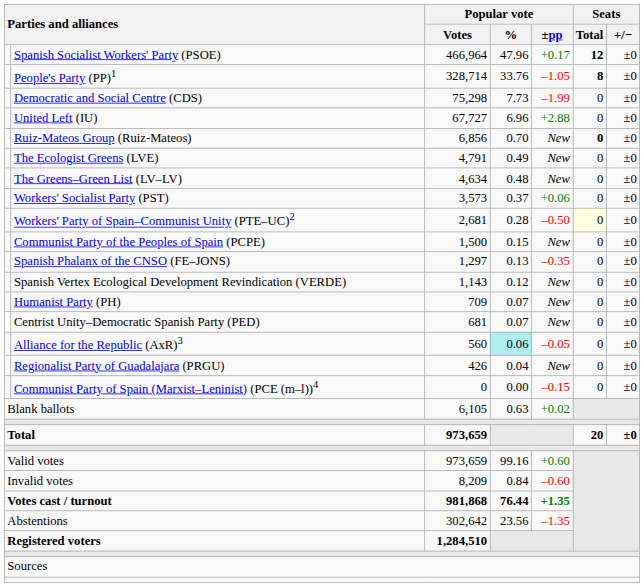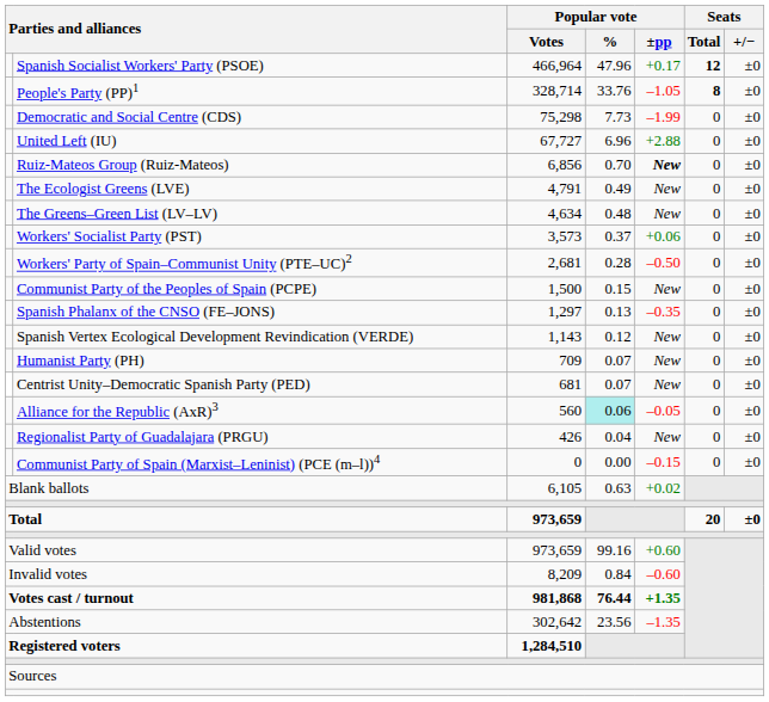 <table class="wikitable" style="text-align:right;">
 <tr>
 <th style="text-align:left;" rowspan="2" colspan="2" width="525">Parties and alliances</th>
 <th colspan="3">Popular vote</th>
 <th colspan="2">Seats</th>
 </tr>
 <tr>
 <th width="75">Votes</th>
 <th width="45">%</th>
 <th width="45">±<a href='#'>pp</a></th>
 <th width="35">Total</th>
 <th width="35">+/−</th>
 </tr>
 <tr>
 <td width="1" style="color:inherit;background:"></td>
 <td align="left"><a href='#'>Spanish Socialist Workers' Party</a> (PSOE)</td>
 <td>466,964</td>
 <td>47.96</td>
 <td style="color:green;">+0.17</td>
 <td><strong>12</strong></td>
 <td>±0</td>
 </tr>
 <tr>
 <td style="color:inherit;background:"></td>
 <td align="left"><a href='#'>People's Party</a> (PP)<sup>1</sup></td>
 <td>328,714</td>
 <td>33.76</td>
 <td style="color:red;">–1.05</td>
 <td><strong>8</strong></td>
 <td>±0</td>
 </tr>
 <tr>
 <td style="color:inherit;background:"></td>
 <td align="left"><a href='#'>Democratic and Social Centre</a> (CDS)</td>
 <td>75,298</td>
 <td>7.73</td>
 <td style="color:red;">–1.99</td>
 <td>0</td>
 <td>±0</td>
 </tr>
 <tr>
 <td style="color:inherit;background:"></td>
 <td align="left"><a href='#'>United Left</a> (IU)</td>
 <td>67,727</td>
 <td>6.96</td>
 <td style="color:green;">+2.88</td>
 <td>0</td>
 <td>±0</td>
 </tr>
 <tr>
 <td style="color:inherit;background:"></td>
 <td align="left"><a href='#'>Ruiz-Mateos Group</a> (Ruiz-Mateos)</td>
 <td>6,856</td>
 <td>0.70</td>
-<td><em>New</em></td>
-<td><strong>0</strong></td>
+<td><strong><em>New</em></strong></td>
+<td>0</td>
 <td>±0</td>
 </tr>
 <tr>
 <td style="color:inherit;background:"></td>
 <td align="left"><a href='#'>The Ecologist Greens</a> (LVE)</td>
 <td>4,791</td>
 <td>0.49</td>
 <td><em>New</em></td>
 <td>0</td>
 <td>±0</td>
 </tr>
 <tr>
 <td style="color:inherit;background:"></td>
 <td align="left"><a href='#'>The Greens–Green List</a> (LV–LV)</td>
 <td>4,634</td>
 <td>0.48</td>
 <td><em>New</em></td>
 <td>0</td>
 <td>±0</td>
 </tr>
 <tr>
 <td style="color:inherit;background:"></td>
 <td align="left"><a href='#'>Workers' Socialist Party</a> (PST)</td>
 <td>3,573</td>
 <td>0.37</td>
 <td style="color:green;">+0.06</td>
 <td>0</td>
 <td>±0</td>
 </tr>
 <tr>
 <td style="color:inherit;background:"></td>
 <td align="left"><a href='#'>Workers' Party of Spain–Communist Unity</a> (PTE–UC)<sup>2</sup></td>
 <td>2,681</td>
 <td>0.28</td>
 <td style="color:red;">–0.50</td>
-<td style="background: lightyellow;">0</td>
+<td>0</td>
 <td>±0</td>
 </tr>
 <tr>
 <td style="color:inherit;background:"></td>
 <td align="left"><a href='#'>Communist Party of the Peoples of Spain</a> (PCPE)</td>
 <td>1,500</td>
 <td>0.15</td>
 <td><em>New</em></td>
 <td>0</td>
 <td>±0</td>
 </tr>
 <tr>
 <td style="color:inherit;background:"></td>
 <td align="left"><a href='#'>Spanish Phalanx of the CNSO</a> (FE–JONS)</td>
 <td>1,297</td>
 <td>0.13</td>
 <td style="color:red;">–0.35</td>
 <td>0</td>
 <td>±0</td>
 </tr>
 <tr>
 <td style="color:inherit;background:"></td>
 <td align="left">Spanish Vertex Ecological Development Revindication (VERDE)</td>
 <td>1,143</td>
 <td>0.12</td>
 <td><em>New</em></td>
 <td>0</td>
 <td>±0</td>
 </tr>
 <tr>
 <td style="color:inherit;background:"></td>
 <td align="left"><a href='#'>Humanist Party</a> (PH)</td>
 <td>709</td>
 <td>0.07</td>
 <td><em>New</em></td>
 <td>0</td>
 <td>±0</td>
 </tr>
 <tr>
 <td bgcolor="white"></td>
 <td align="left">Centrist Unity–Democratic Spanish Party (PED)</td>
 <td>681</td>
 <td>0.07</td>
 <td><em>New</em></td>
 <td>0</td>
 <td>±0</td>
 </tr>
 <tr>
 <td style="color:inherit;background:"></td>
 <td align="left"><a href='#'>Alliance for the Republic</a> (AxR)<sup>3</sup></td>
 <td>560</td>
 <td style="background: paleturquoise;">0.06</td>
 <td style="color:red;">–0.05</td>
 <td>0</td>
 <td>±0</td>
 </tr>
 <tr>
 <td style="color:inherit;background:"></td>
 <td align="left"><a href='#'>Regionalist Party of Guadalajara</a> (PRGU)</td>
 <td>426</td>
 <td>0.04</td>
 <td><em>New</em></td>
 <td>0</td>
 <td>±0</td>
 </tr>
 <tr>
 <td style="color:inherit;background:"></td>
 <td align="left"><a href='#'>Communist Party of Spain (Marxist–Leninist)</a> (PCE (m–l))<sup>4</sup></td>
 <td>0</td>
 <td>0.00</td>
 <td style="color:red;">–0.15</td>
 <td>0</td>
 <td>±0</td>
 </tr>
 <tr>
 <td align="left" colspan="2">Blank ballots</td>
 <td>6,105</td>
 <td>0.63</td>
 <td style="color:green;">+0.02</td>
 <td bgcolor="#E9E9E9" colspan="2"></td>
 </tr>
 <tr>
 <td colspan="7" bgcolor="#E9E9E9"></td>
 </tr>
 <tr style="font-weight:bold;">
 <td align="left" colspan="2">Total</td>
 <td>973,659</td>
 <td bgcolor="#E9E9E9" colspan="2"></td>
 <td>20</td>
 <td>±0</td>
 </tr>
 <tr>
 <td colspan="7" bgcolor="#E9E9E9"></td>
 </tr>
 <tr>
 <td align="left" colspan="2">Valid votes</td>
 <td>973,659</td>
 <td>99.16</td>
 <td style="color:green;">+0.60</td>
 <td bgcolor="#E9E9E9" colspan="2" rowspan="5"></td>
 </tr>
 <tr>
 <td align="left" colspan="2">Invalid votes</td>
 <td>8,209</td>
 <td>0.84</td>
 <td style="color:red;">–0.60</td>
 </tr>
 <tr style="font-weight:bold;">
 <td align="left" colspan="2">Votes cast / turnout</td>
 <td>981,868</td>
 <td>76.44</td>
 <td style="color:green;">+1.35</td>
 </tr>
 <tr>
 <td align="left" colspan="2">Abstentions</td>
 <td>302,642</td>
 <td>23.56</td>
 <td style="color:red;">–1.35</td>
 </tr>
 <tr style="font-weight:bold;">
 <td align="left" colspan="2">Registered voters</td>
 <td>1,284,510</td>
 <td bgcolor="#E9E9E9" colspan="2"></td>
 </tr>
 <tr>
 <td colspan="7" bgcolor="#E9E9E9"></td>
 </tr>
 <tr>
 <td align="left" colspan="7">Sources</td>
 </tr>
 <tr>
 <td colspan="7" style="text-align:left; max-width:790px;"></td>
 </tr>
 </table>
